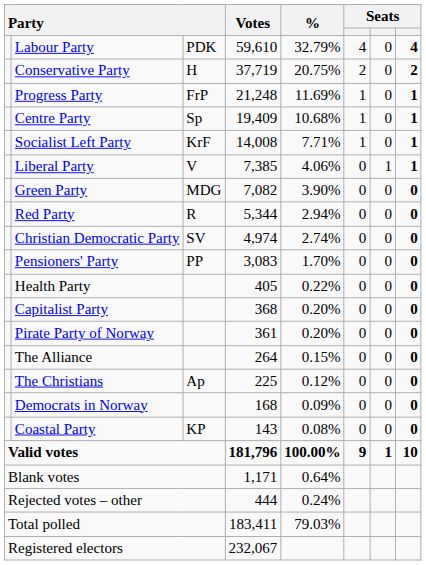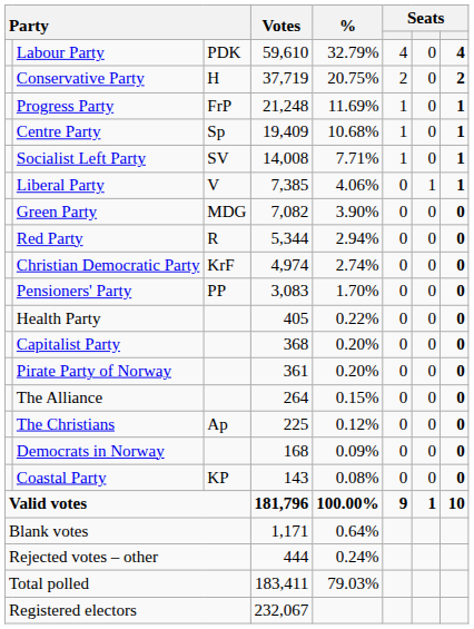 <table class="wikitable" border="1" style="text-align:right;">
 <tr>
 <th style="text-align:left;" valign=bottom rowspan=2 colspan=3>Party</th>
 <th align=center valign=bottom rowspan=2 width="50">Votes</th>
 <th align=center valign=bottom rowspan=2 width="50">%</th>
 <th colspan=3>Seats</th>
 </tr>
 <tr>
 <th align=center valign=bottom width="20"><small></small></th>
 <th align=center valign=bottom width="20"><small><a href='#'></a></small></th>
 <th align=center valign=bottom width="20"><small></small></th>
 </tr>
 <tr>
 <td style="color:inherit;background:"></td>
 <td align=left><a href='#'>Labour Party</a></td>
 <td align=left>PDK</td>
 <td>59,610</td>
 <td>32.79%</td>
 <td>4</td>
 <td>0</td>
 <td><strong>4</strong></td>
 </tr>
 <tr>
 <td style="color:inherit;background:"></td>
 <td align=left><a href='#'>Conservative Party</a></td>
 <td align=left>H</td>
 <td>37,719</td>
 <td>20.75%</td>
 <td>2</td>
 <td>0</td>
 <td><strong>2</strong></td>
 </tr>
 <tr>
 <td style="color:inherit;background:"></td>
 <td align=left><a href='#'>Progress Party</a></td>
 <td align=left>FrP</td>
 <td>21,248</td>
 <td>11.69%</td>
 <td>1</td>
 <td>0</td>
 <td><strong>1</strong></td>
 </tr>
 <tr>
 <td style="color:inherit;background:"></td>
 <td align=left><a href='#'>Centre Party</a></td>
 <td align=left>Sp</td>
 <td>19,409</td>
 <td>10.68%</td>
 <td>1</td>
 <td>0</td>
 <td><strong>1</strong></td>
 </tr>
 <tr>
 <td style="color:inherit;background:"></td>
 <td align=left><a href='#'>Socialist Left Party</a></td>
-<td align=left>KrF</td>
+<td align=left>SV</td>
 <td>14,008</td>
 <td>7.71%</td>
 <td>1</td>
 <td>0</td>
 <td><strong>1</strong></td>
 </tr>
 <tr>
 <td style="color:inherit;background:"></td>
 <td align=left><a href='#'>Liberal Party</a></td>
 <td align=left>V</td>
 <td>7,385</td>
 <td>4.06%</td>
 <td>0</td>
 <td>1</td>
 <td><strong>1</strong></td>
 </tr>
 <tr>
 <td style="color:inherit;background:"></td>
 <td align=left><a href='#'>Green Party</a></td>
 <td align=left>MDG</td>
 <td>7,082</td>
 <td>3.90%</td>
 <td>0</td>
 <td>0</td>
 <td><strong>0</strong></td>
 </tr>
 <tr>
 <td style="color:inherit;background:"></td>
 <td align=left><a href='#'>Red Party</a></td>
 <td align=left>R</td>
 <td>5,344</td>
 <td>2.94%</td>
 <td>0</td>
 <td>0</td>
 <td><strong>0</strong></td>
 </tr>
 <tr>
 <td style="color:inherit;background:"></td>
 <td align=left><a href='#'>Christian Democratic Party</a></td>
-<td align=left>SV</td>
+<td align=left>KrF</td>
 <td>4,974</td>
 <td>2.74%</td>
 <td>0</td>
 <td>0</td>
 <td><strong>0</strong></td>
 </tr>
 <tr>
 <td style="color:inherit;background:"></td>
 <td align=left><a href='#'>Pensioners' Party</a></td>
 <td align=left>PP</td>
 <td>3,083</td>
 <td>1.70%</td>
 <td>0</td>
 <td>0</td>
 <td><strong>0</strong></td>
 </tr>
 <tr>
 <td></td>
 <td align=left>Health Party</td>
 <td align=left></td>
 <td>405</td>
 <td>0.22%</td>
 <td>0</td>
 <td>0</td>
 <td><strong>0</strong></td>
 </tr>
 <tr>
 <td style="color:inherit;background:"></td>
 <td align=left><a href='#'>Capitalist Party</a></td>
 <td align=left></td>
 <td>368</td>
 <td>0.20%</td>
 <td>0</td>
 <td>0</td>
 <td><strong>0</strong></td>
 </tr>
 <tr>
 <td style="color:inherit;background:"></td>
 <td align=left><a href='#'>Pirate Party of Norway</a></td>
 <td align=left></td>
 <td>361</td>
 <td>0.20%</td>
 <td>0</td>
 <td>0</td>
 <td><strong>0</strong></td>
 </tr>
 <tr>
 <td></td>
 <td align=left>The Alliance</td>
 <td align=left></td>
 <td>264</td>
 <td>0.15%</td>
 <td>0</td>
 <td>0</td>
 <td><strong>0</strong></td>
 </tr>
 <tr>
 <td style="color:inherit;background:"></td>
 <td align=left><a href='#'>The Christians</a></td>
 <td align=left>Ap</td>
 <td>225</td>
 <td>0.12%</td>
 <td>0</td>
 <td>0</td>
 <td><strong>0</strong></td>
 </tr>
 <tr>
 <td style="color:inherit;background:"></td>
 <td align=left><a href='#'>Democrats in Norway</a></td>
 <td align=left></td>
 <td>168</td>
 <td>0.09%</td>
 <td>0</td>
 <td>0</td>
 <td><strong>0</strong></td>
 </tr>
 <tr>
 <td style="color:inherit;background:"></td>
 <td align=left><a href='#'>Coastal Party</a></td>
 <td align=left>KP</td>
 <td>143</td>
 <td>0.08%</td>
 <td>0</td>
 <td>0</td>
 <td><strong>0</strong></td>
 </tr>
 <tr style="font-weight:bold">
 <td align=left colspan=3>Valid votes</td>
 <td>181,796</td>
 <td>100.00%</td>
 <td>9</td>
 <td>1</td>
 <td>10</td>
 </tr>
 <tr>
 <td align=left colspan=3>Blank votes</td>
 <td>1,171</td>
 <td>0.64%</td>
 <td></td>
 <td></td>
 <td></td>
 </tr>
 <tr>
 <td align=left colspan=3>Rejected votes – other</td>
 <td>444</td>
 <td>0.24%</td>
 <td></td>
 <td></td>
 <td></td>
 </tr>
 <tr>
 <td align=left colspan=3>Total polled</td>
 <td>183,411</td>
 <td>79.03%</td>
 <td></td>
 <td></td>
 <td></td>
 </tr>
 <tr>
 <td align=left colspan=3>Registered electors</td>
 <td>232,067</td>
 <td></td>
 <td></td>
 <td></td>
 <td></td>
 </tr>
 </table>
